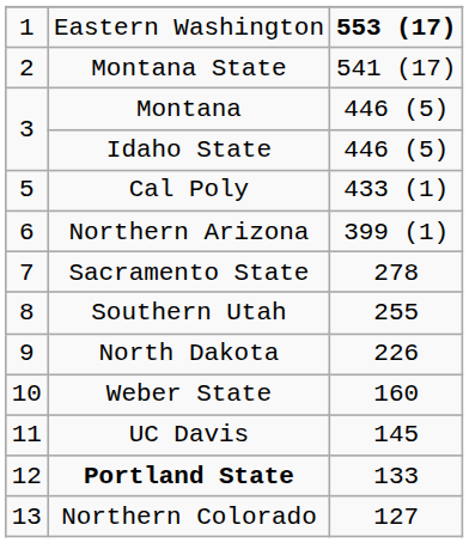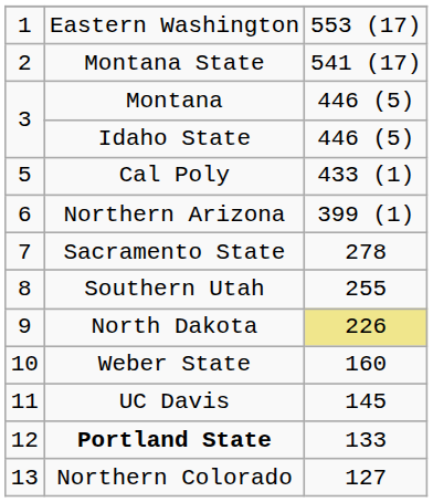 <table class="wikitable" style="display: inline-table;">
 <tr align="center">
 </tr>
 <tr align="center">
 <td>1</td>
 <td>Eastern Washington</td>
-<td><strong>553 (17)</strong></td>
+<td>553 (17)</td>
 </tr>
 <tr align="center">
 <td>2</td>
 <td>Montana State</td>
 <td>541 (17)</td>
 </tr>
 <tr align="center">
 <td rowspan="2">3</td>
 <td>Montana</td>
 <td>446 (5)</td>
 </tr>
 <tr align="center">
 <td>Idaho State</td>
 <td>446 (5)</td>
 </tr>
 <tr align="center">
 <td>5</td>
 <td>Cal Poly</td>
 <td>433 (1)</td>
 </tr>
 <tr align="center">
 <td>6</td>
 <td>Northern Arizona</td>
 <td>399 (1)</td>
 </tr>
 <tr align="center">
 <td>7</td>
 <td>Sacramento State</td>
 <td>278</td>
 </tr>
 <tr align="center">
 <td>8</td>
 <td>Southern Utah</td>
 <td>255</td>
 </tr>
 <tr align="center">
 <td>9</td>
 <td>North Dakota</td>
-<td>226</td>
+<td style="background: khaki;">226</td>
 </tr>
 <tr align="center">
 <td>10</td>
 <td>Weber State</td>
 <td>160</td>
 </tr>
 <tr align="center">
 <td>11</td>
 <td>UC Davis</td>
 <td>145</td>
 </tr>
 <tr align="center">
 <td>12</td>
 <td><strong>Portland State</strong></td>
 <td>133</td>
 </tr>
 <tr align="center">
 <td>13</td>
 <td>Northern Colorado</td>
 <td>127</td>
 </tr>
 </table>
